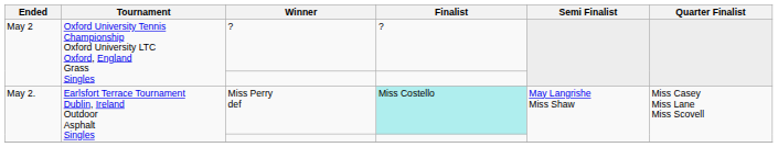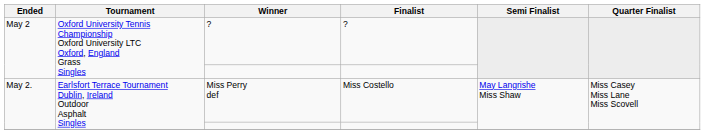 <table class="wikitable" style="font-size:85%;">
 <tr>
 <th width="75">Ended</th>
 <th width="230">Tournament</th>
 <th width="210">Winner</th>
 <th width="210">Finalist</th>
 <th width="170">Semi Finalist</th>
 <th width="170">Quarter Finalist</th>
 </tr>
 <tr valign=top>
 <td rowspan=2>May 2</td>
 <td rowspan=2><a href='#'>Oxford University Tennis Championship</a> <br>Oxford University LTC<br><a href='#'>Oxford</a>, <a href='#'>England</a><br>Grass<br><a href='#'>Singles</a></td>
 <td>?</td>
 <td>?</td>
 <td style="background:#ededed;" rowspan=2></td>
 <td style="background:#ededed;" rowspan=2></td>
 </tr>
 <tr valign=top>
 <td></td>
 <td></td>
 </tr>
 <tr valign=top>
 <td rowspan=2>May 2.</td>
 <td rowspan=2><a href='#'>Earlsfort Terrace Tournament</a><br><a href='#'>Dublin</a>, <a href='#'>Ireland</a><br>Outdoor<br>Asphalt<br><a href='#'>Singles</a></td>
 <td> Miss Perry<br>def</td>
-<td style="background: paleturquoise;"> Miss Costello</td>
+<td> Miss Costello</td>
 <td rowspan=2> <a href='#'>May Langrishe</a><br> Miss Shaw</td>
 <td rowspan=2> Miss Casey<br> Miss Lane<br> Miss Scovell</td>
 </tr>
 <tr valign=top>
 <td></td>
 <td></td>
 </tr>
 <tr valign=top>
 </tr>
 </table>
